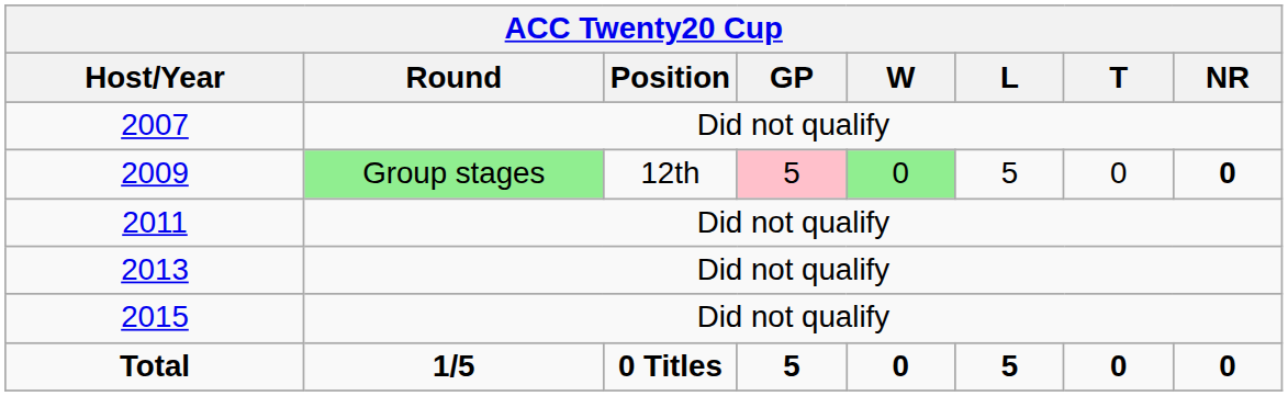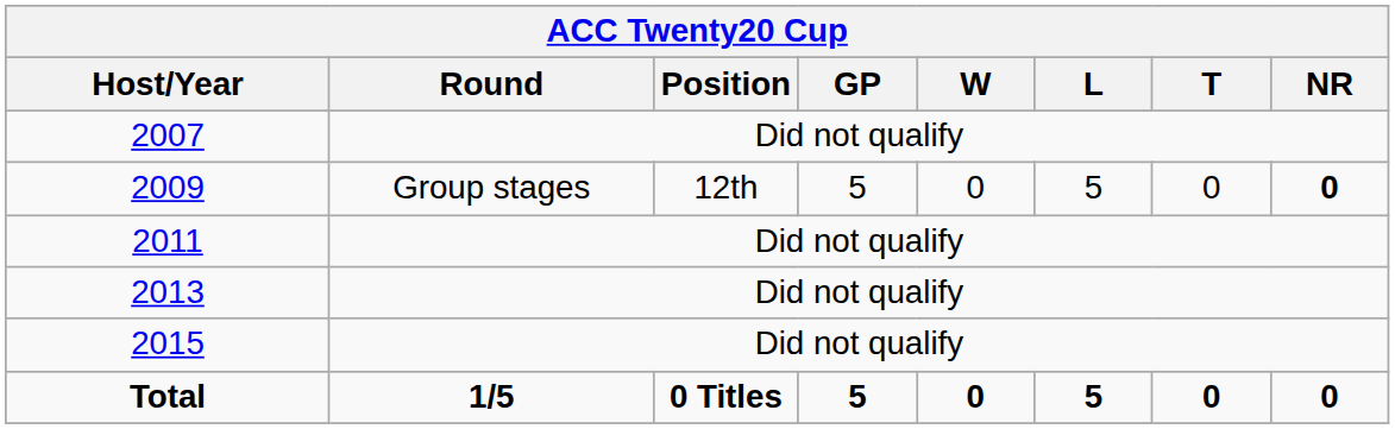 <table class="wikitable" style="text-align: center;">
 <tr>
 <th colspan=8><a href='#'>ACC Twenty20 Cup</a></th>
 </tr>
 <tr>
 <th width=150>Host/Year</th>
 <th width=150>Round</th>
 <th width=50>Position</th>
 <th width=50>GP</th>
 <th width=50>W</th>
 <th width=50>L</th>
 <th width=50>T</th>
 <th width=50>NR</th>
 </tr>
 <tr>
 <td> <a href='#'>2007</a></td>
 <td colspan=8>Did not qualify</td>
 </tr>
 <tr>
 <td> <a href='#'>2009</a></td>
-<td style="background: lightgreen;">Group stages</td>
+<td>Group stages</td>
 <td>12th</td>
-<td style="background: pink;">5</td>
-<td style="background: lightgreen;">0</td>
+<td>5</td>
+<td>0</td>
 <td>5</td>
 <td>0</td>
 <td><strong>0</strong></td>
 </tr>
 <tr>
 <td> <a href='#'>2011</a></td>
 <td colspan=8>Did not qualify</td>
 </tr>
 <tr>
 <td> <a href='#'>2013</a></td>
 <td colspan=8>Did not qualify</td>
 </tr>
 <tr>
 <td> <a href='#'>2015</a></td>
 <td colspan=8>Did not qualify</td>
 </tr>
 <tr>
 <td><strong>Total</strong></td>
 <td><strong>1/5</strong></td>
 <td><strong>0 Titles</strong></td>
 <td><strong>5</strong></td>
 <td><strong>0</strong></td>
 <td><strong>5</strong></td>
 <td><strong>0</strong></td>
 <td><strong>0</strong></td>
 </tr>
 </table>
